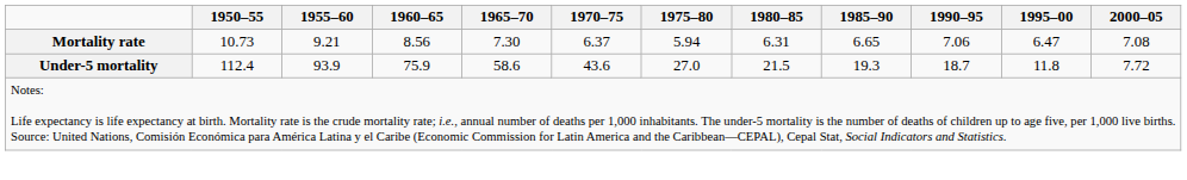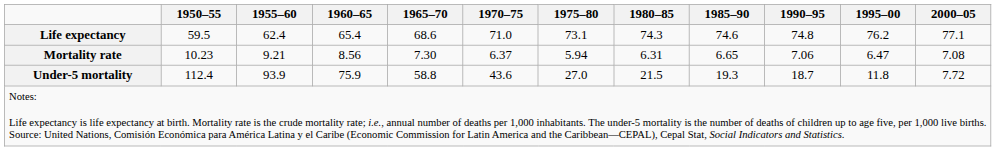 <table class="wikitable"  style="text-align:center">
 <tr>
 <td></td>
 <th>1950–55</th>
 <th>1955–60</th>
 <th>1960–65</th>
 <th>1965–70</th>
 <th>1970–75</th>
 <th>1975–80</th>
 <th>1980–85</th>
 <th>1985–90</th>
 <th>1990–95</th>
 <th>1995–00</th>
 <th>2000–05</th>
 </tr>
 <tr>
+<th>Life expectancy</th>
+<td>59.5</td>
+<td>62.4</td>
+<td>65.4</td>
+<td>68.6</td>
+<td>71.0</td>
+<td>73.1</td>
+<td>74.3</td>
+<td>74.6</td>
+<td>74.8</td>
+<td>76.2</td>
+<td>77.1</td>
+</tr>
+<tr>
 <th>Mortality rate</th>
-<td>10.73</td>
+<td>10.23</td>
 <td>9.21</td>
 <td>8.56</td>
 <td>7.30</td>
 <td>6.37</td>
 <td>5.94</td>
 <td>6.31</td>
 <td>6.65</td>
 <td>7.06</td>
 <td>6.47</td>
 <td>7.08</td>
 </tr>
 <tr>
 <th>Under-5 mortality</th>
 <td>112.4</td>
 <td>93.9</td>
 <td>75.9</td>
-<td>58.6</td>
+<td>58.8</td>
 <td>43.6</td>
 <td>27.0</td>
 <td>21.5</td>
 <td>19.3</td>
 <td>18.7</td>
 <td>11.8</td>
 <td>7.72</td>
 </tr>
 <tr>
 <td colspan=12 style="text-align:left; font-size:83%; padding:0.4em">Notes:<br><br>Life expectancy is life expectancy at birth. Mortality rate is the crude mortality rate; <em>i.e.</em>, annual number of deaths per 1,000 inhabitants. The under-5 mortality is the number of deaths of children up to age five, per 1,000 live births.<br> Source: United Nations, Comisión Económica para América Latina y el Caribe (Economic Commission for Latin America and the Caribbean—CEPAL), Cepal Stat, <em>Social Indicators and Statistics</em>.</td>
 </tr>
 </table>
